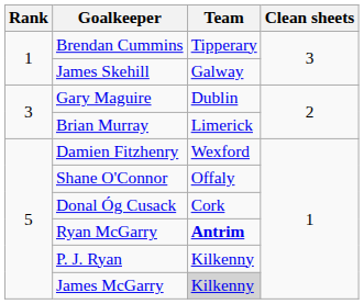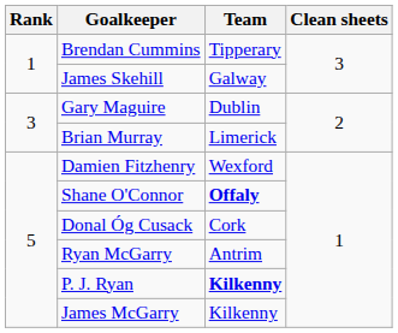 <table class="wikitable">
 <tr>
 <th>Rank</th>
 <th>Goalkeeper</th>
 <th>Team</th>
 <th>Clean sheets</th>
 </tr>
 <tr>
 <td rowspan=2 align=center>1</td>
 <td><a href='#'>Brendan Cummins</a></td>
 <td><a href='#'>Tipperary</a></td>
 <td rowspan=2 align=center>3</td>
 </tr>
 <tr>
 <td><a href='#'>James Skehill</a></td>
 <td><a href='#'>Galway</a></td>
 </tr>
 <tr>
 <td rowspan=2 align=center>3</td>
 <td><a href='#'>Gary Maguire</a></td>
 <td><a href='#'>Dublin</a></td>
 <td rowspan=2 align=center>2</td>
 </tr>
 <tr>
 <td><a href='#'>Brian Murray</a></td>
 <td><a href='#'>Limerick</a></td>
 </tr>
 <tr>
 <td rowspan=6 align=center>5</td>
 <td><a href='#'>Damien Fitzhenry</a></td>
 <td><a href='#'>Wexford</a></td>
 <td rowspan=6 align=center>1</td>
 </tr>
 <tr>
 <td><a href='#'>Shane O'Connor</a></td>
-<td><a href='#'>Offaly</a></td>
+<td><strong><a href='#'>Offaly</a></strong></td>
 </tr>
 <tr>
 <td><a href='#'>Donal Óg Cusack</a></td>
 <td><a href='#'>Cork</a></td>
 </tr>
 <tr>
 <td><a href='#'>Ryan McGarry</a></td>
-<td><strong><a href='#'>Antrim</a></strong></td>
+<td><a href='#'>Antrim</a></td>
 </tr>
 <tr>
 <td><a href='#'>P. J. Ryan</a></td>
-<td><a href='#'>Kilkenny</a></td>
+<td><strong><a href='#'>Kilkenny</a></strong></td>
 </tr>
 <tr>
 <td><a href='#'>James McGarry</a></td>
-<td style="background: lightgrey;"><a href='#'>Kilkenny</a></td>
+<td><a href='#'>Kilkenny</a></td>
 </tr>
 </table>
